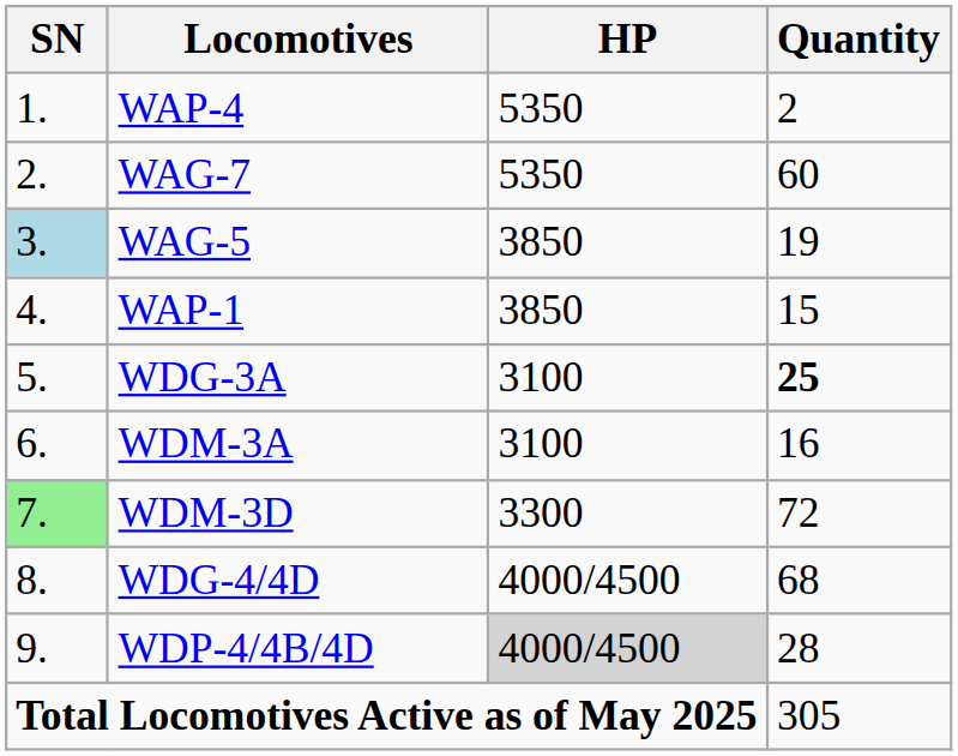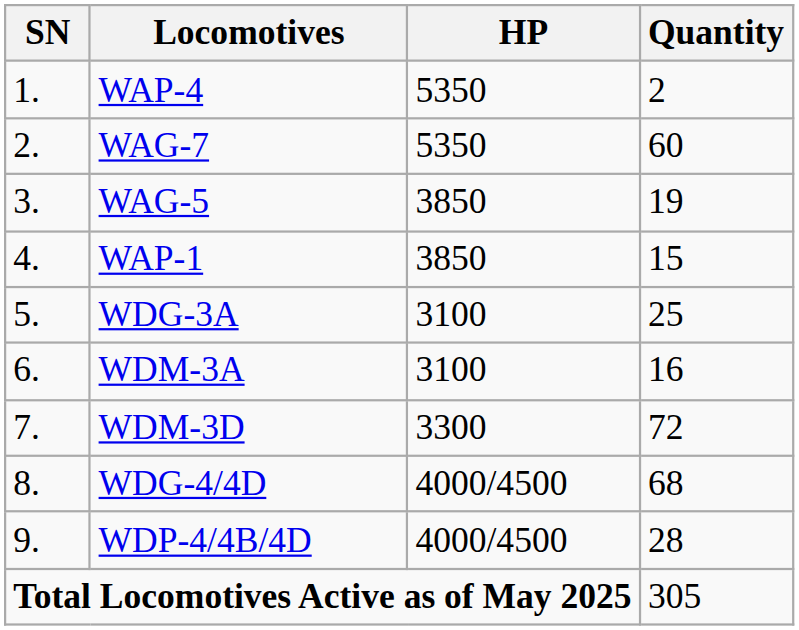 <table class="wikitable">
 <tr>
 <th>SN</th>
 <th>Locomotives</th>
 <th>HP</th>
 <th>Quantity</th>
 </tr>
 <tr>
 <td>1.</td>
 <td><a href='#'>WAP-4</a></td>
 <td>5350</td>
 <td>2</td>
 </tr>
 <tr>
 <td>2.</td>
 <td><a href='#'>WAG-7</a></td>
 <td>5350</td>
 <td>60</td>
 </tr>
 <tr>
-<td style="background: lightblue;">3.</td>
+<td>3.</td>
 <td><a href='#'>WAG-5</a></td>
 <td>3850</td>
 <td>19</td>
 </tr>
 <tr>
 <td>4.</td>
 <td><a href='#'>WAP-1</a></td>
 <td>3850</td>
 <td>15</td>
 </tr>
 <tr>
 <td>5.</td>
 <td><a href='#'>WDG-3A</a></td>
 <td>3100</td>
-<td><strong>25</strong></td>
+<td>25</td>
 </tr>
 <tr>
 <td>6.</td>
 <td><a href='#'>WDM-3A</a></td>
 <td>3100</td>
 <td>16</td>
 </tr>
 <tr>
-<td style="background: lightgreen;">7.</td>
+<td>7.</td>
 <td><a href='#'>WDM-3D</a></td>
 <td>3300</td>
 <td>72</td>
 </tr>
 <tr>
 <td>8.</td>
 <td><a href='#'>WDG-4/4D</a></td>
 <td>4000/4500</td>
 <td>68</td>
 </tr>
 <tr>
 <td>9.</td>
 <td><a href='#'>WDP-4/4B/4D</a></td>
-<td style="background: lightgrey;">4000/4500</td>
+<td>4000/4500</td>
 <td>28</td>
 </tr>
 <tr>
 <td colspan="3"><strong>Total Locomotives Active as of May 2025</strong></td>
 <td>305</td>
 </tr>
 </table>
